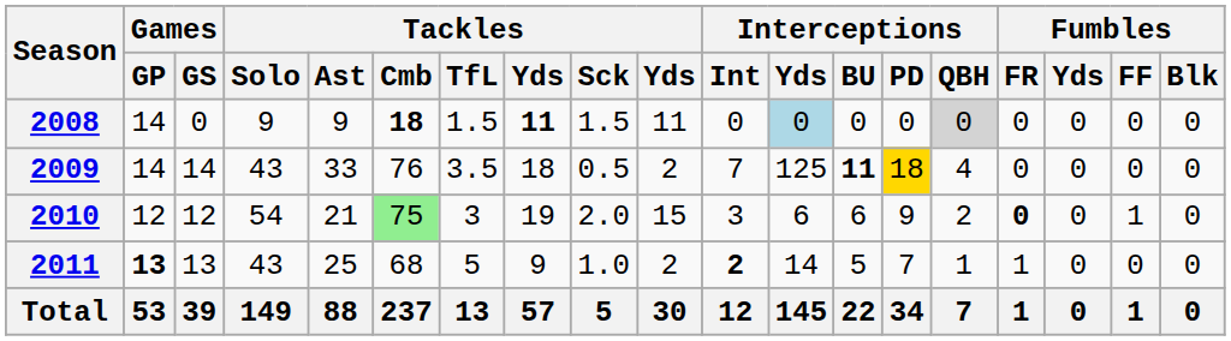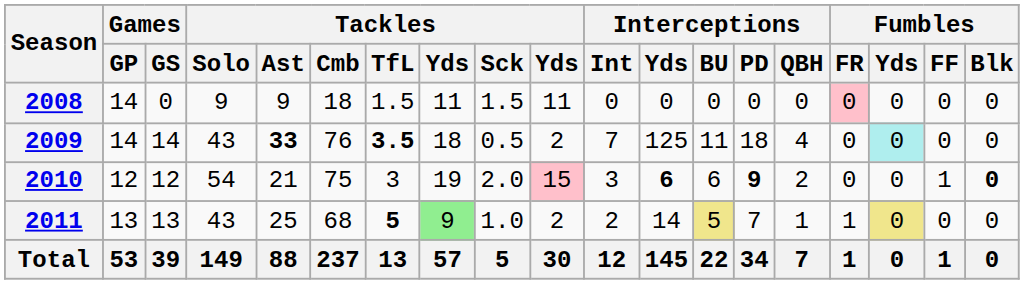 <table class=wikitable style="text-align:center;">
 <tr>
 <th rowspan="2">Season</th>
 <th colspan="2">Games</th>
 <th colspan="7">Tackles</th>
 <th colspan="5">Interceptions</th>
 <th colspan="4">Fumbles</th>
 </tr>
 <tr>
 <th>GP</th>
 <th>GS</th>
 <th>Solo</th>
 <th>Ast</th>
 <th>Cmb</th>
 <th>TfL</th>
 <th>Yds</th>
 <th>Sck</th>
 <th>Yds</th>
 <th>Int</th>
 <th>Yds</th>
 <th>BU</th>
 <th>PD</th>
 <th>QBH</th>
 <th>FR</th>
 <th>Yds</th>
 <th>FF</th>
 <th>Blk</th>
 </tr>
 <tr>
 <th><a href='#'>2008</a></th>
 <td>14</td>
 <td>0</td>
 <td>9</td>
 <td>9</td>
-<td><strong>18</strong></td>
+<td>18</td>
 <td>1.5</td>
-<td><strong>11</strong></td>
+<td>11</td>
 <td>1.5</td>
 <td>11</td>
 <td>0</td>
-<td style="background: lightblue;">0</td>
 <td>0</td>
 <td>0</td>
-<td style="background: lightgrey;">0</td>
 <td>0</td>
+<td>0</td>
+<td style="background: pink;">0</td>
 <td>0</td>
 <td>0</td>
 <td>0</td>
 </tr>
 <tr>
 <th><a href='#'>2009</a></th>
 <td>14</td>
 <td>14</td>
 <td>43</td>
-<td>33</td>
+<td><strong>33</strong></td>
 <td>76</td>
-<td>3.5</td>
+<td><strong>3.5</strong></td>
 <td>18</td>
 <td>0.5</td>
 <td>2</td>
 <td>7</td>
 <td>125</td>
-<td><strong>11</strong></td>
-<td style="background: gold;">18</td>
+<td>11</td>
+<td>18</td>
 <td>4</td>
 <td>0</td>
-<td>0</td>
+<td style="background: paleturquoise;">0</td>
 <td>0</td>
 <td>0</td>
 </tr>
 <tr>
 <th><a href='#'>2010</a></th>
 <td>12</td>
 <td>12</td>
 <td>54</td>
 <td>21</td>
-<td style="background: lightgreen;">75</td>
+<td>75</td>
 <td>3</td>
 <td>19</td>
 <td>2.0</td>
-<td>15</td>
+<td style="background: pink;">15</td>
 <td>3</td>
+<td><strong>6</strong></td>
 <td>6</td>
-<td>6</td>
-<td>9</td>
+<td><strong>9</strong></td>
 <td>2</td>
-<td><strong>0</strong></td>
+<td>0</td>
 <td>0</td>
 <td>1</td>
-<td>0</td>
+<td><strong>0</strong></td>
 </tr>
 <tr>
 <th><a href='#'>2011</a></th>
-<td><strong>13</strong></td>
+<td>13</td>
 <td>13</td>
 <td>43</td>
 <td>25</td>
 <td>68</td>
-<td>5</td>
-<td>9</td>
+<td><strong>5</strong></td>
+<td style="background: lightgreen;">9</td>
 <td>1.0</td>
 <td>2</td>
-<td><strong>2</strong></td>
+<td>2</td>
 <td>14</td>
-<td>5</td>
+<td style="background: khaki;">5</td>
 <td>7</td>
 <td>1</td>
 <td>1</td>
-<td>0</td>
+<td style="background: khaki;">0</td>
 <td>0</td>
 <td>0</td>
 </tr>
 <tr>
 <th>Total</th>
 <th>53</th>
 <th>39</th>
 <th>149</th>
 <th>88</th>
 <th>237</th>
 <th>13</th>
 <th>57</th>
 <th>5</th>
 <th>30</th>
 <th>12</th>
 <th>145</th>
 <th>22</th>
 <th>34</th>
 <th>7</th>
 <th>1</th>
 <th>0</th>
 <th>1</th>
 <th>0</th>
 </tr>
 </table>
